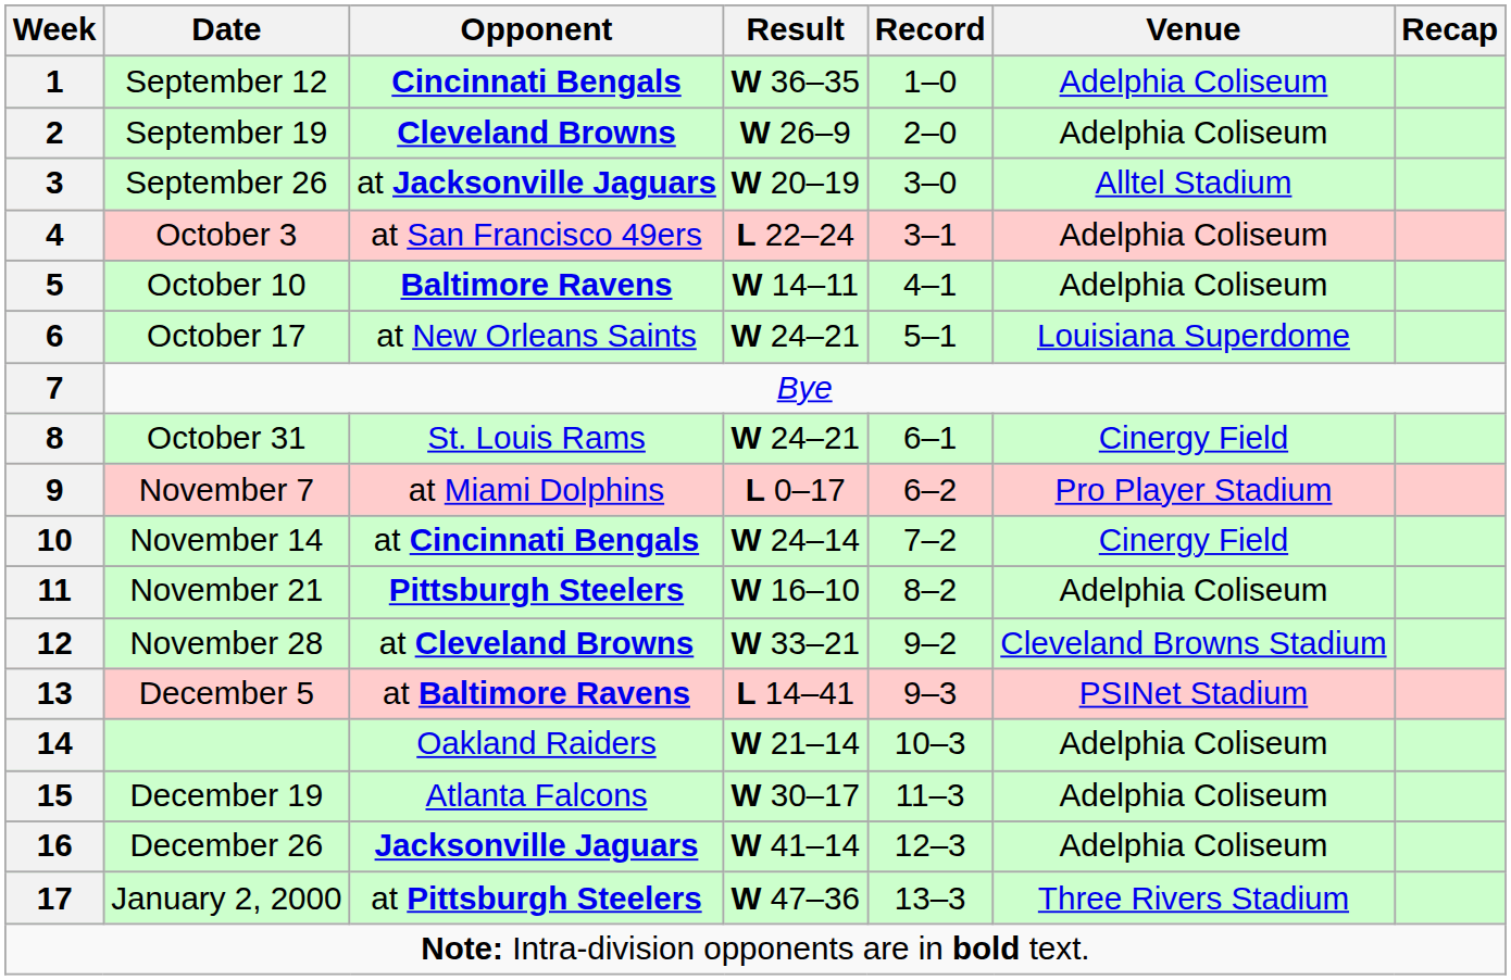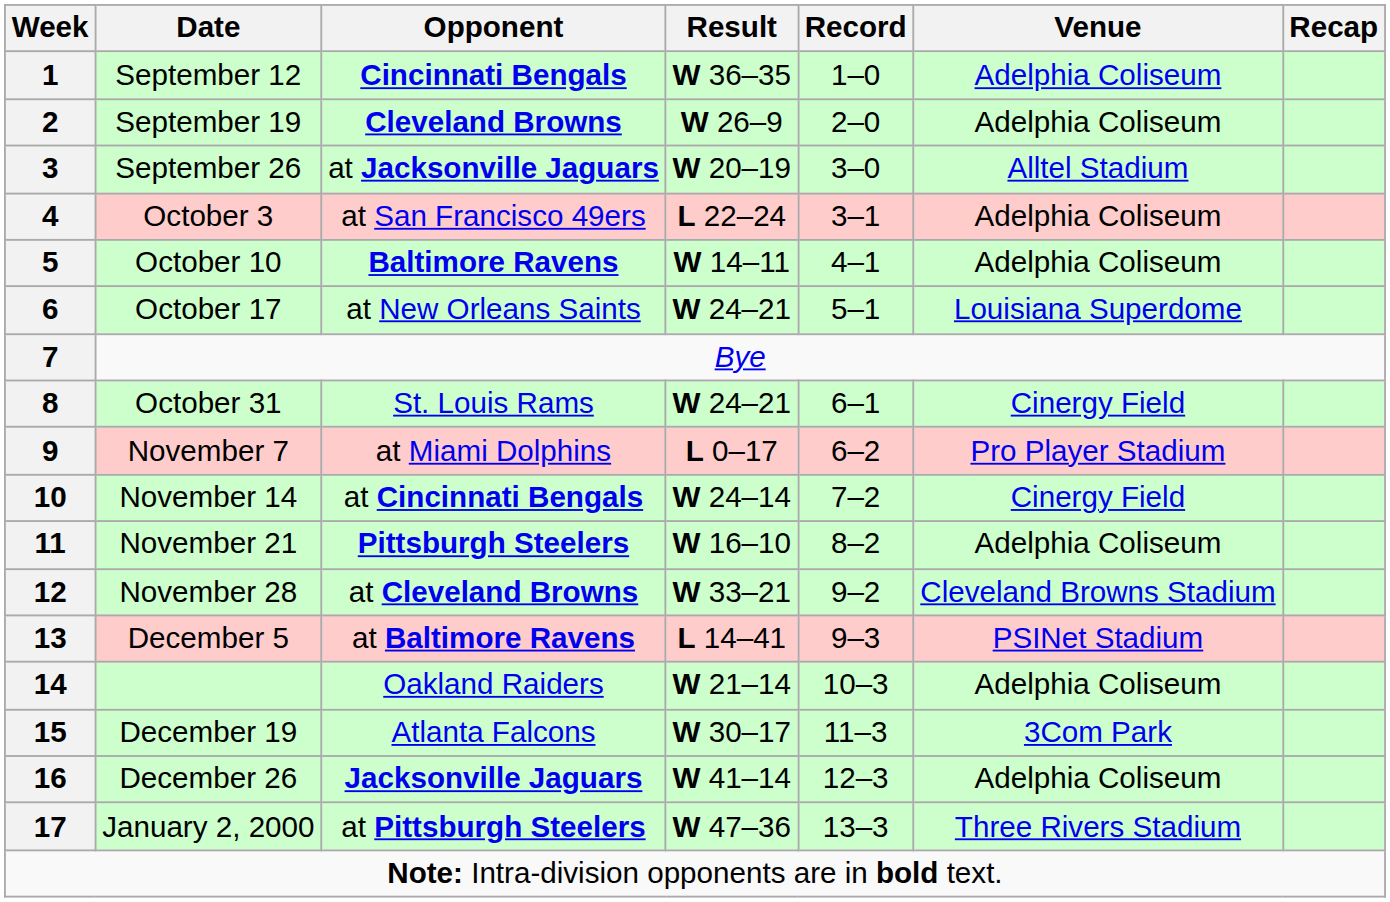 <table class="wikitable" style="text-align:center">
 <tr>
 <th>Week</th>
 <th>Date</th>
 <th>Opponent</th>
 <th>Result</th>
 <th>Record</th>
 <th>Venue</th>
 <th>Recap</th>
 </tr>
 <tr style="background:#cfc">
 <th>1</th>
 <td>September 12</td>
 <td><strong><a href='#'>Cincinnati Bengals</a></strong></td>
 <td><strong>W</strong> 36–35</td>
 <td>1–0</td>
 <td><a href='#'>Adelphia Coliseum</a></td>
 <td></td>
 </tr>
 <tr style="background:#cfc">
 <th>2</th>
 <td>September 19</td>
 <td><strong><a href='#'>Cleveland Browns</a></strong></td>
 <td><strong>W</strong> 26–9</td>
 <td>2–0</td>
 <td>Adelphia Coliseum</td>
 <td></td>
 </tr>
 <tr style="background:#cfc">
 <th>3</th>
 <td>September 26</td>
 <td>at <strong><a href='#'>Jacksonville Jaguars</a></strong></td>
 <td><strong>W</strong> 20–19</td>
 <td>3–0</td>
 <td><a href='#'>Alltel Stadium</a></td>
 <td></td>
 </tr>
 <tr style="background:#fcc">
 <th>4</th>
 <td>October 3</td>
 <td>at <a href='#'>San Francisco 49ers</a></td>
 <td><strong>L</strong> 22–24</td>
 <td>3–1</td>
 <td>Adelphia Coliseum</td>
 <td></td>
 </tr>
 <tr style="background:#cfc">
 <th>5</th>
 <td>October 10</td>
 <td><strong><a href='#'>Baltimore Ravens</a></strong></td>
 <td><strong>W</strong> 14–11</td>
 <td>4–1</td>
 <td>Adelphia Coliseum</td>
 <td></td>
 </tr>
 <tr style="background:#cfc">
 <th>6</th>
 <td>October 17</td>
 <td>at <a href='#'>New Orleans Saints</a></td>
 <td><strong>W</strong> 24–21</td>
 <td>5–1</td>
 <td><a href='#'>Louisiana Superdome</a></td>
 <td></td>
 </tr>
 <tr>
 <th>7</th>
 <td colspan=6><em><a href='#'>Bye</a></em></td>
 </tr>
 <tr style="background:#cfc">
 <th>8</th>
 <td>October 31</td>
 <td><a href='#'>St. Louis Rams</a></td>
 <td><strong>W</strong> 24–21</td>
 <td>6–1</td>
 <td><a href='#'>Cinergy Field</a></td>
 <td></td>
 </tr>
 <tr style="background:#fcc">
 <th>9</th>
 <td>November 7</td>
 <td>at <a href='#'>Miami Dolphins</a></td>
 <td><strong>L</strong> 0–17</td>
 <td>6–2</td>
 <td><a href='#'>Pro Player Stadium</a></td>
 <td></td>
 </tr>
 <tr style="background:#cfc">
 <th>10</th>
 <td>November 14</td>
 <td>at <strong><a href='#'>Cincinnati Bengals</a></strong></td>
 <td><strong>W</strong> 24–14</td>
 <td>7–2</td>
 <td><a href='#'>Cinergy Field</a></td>
 <td></td>
 </tr>
 <tr style="background:#cfc">
 <th>11</th>
 <td>November 21</td>
 <td><strong><a href='#'>Pittsburgh Steelers</a></strong></td>
 <td><strong>W</strong> 16–10</td>
 <td>8–2</td>
 <td>Adelphia Coliseum</td>
 <td></td>
 </tr>
 <tr style="background:#cfc">
 <th>12</th>
 <td>November 28</td>
 <td>at <strong><a href='#'>Cleveland Browns</a></strong></td>
 <td><strong>W</strong> 33–21</td>
 <td>9–2</td>
 <td><a href='#'>Cleveland Browns Stadium</a></td>
 <td></td>
 </tr>
 <tr style="background:#fcc">
 <th>13</th>
 <td>December 5</td>
 <td>at <strong><a href='#'>Baltimore Ravens</a></strong></td>
 <td><strong>L</strong> 14–41</td>
 <td>9–3</td>
 <td><a href='#'>PSINet Stadium</a></td>
 <td></td>
 </tr>
 <tr style="background:#cfc">
 <th>14</th>
 <td></td>
 <td><a href='#'>Oakland Raiders</a></td>
 <td><strong>W</strong> 21–14</td>
 <td>10–3</td>
 <td>Adelphia Coliseum</td>
 <td></td>
 </tr>
 <tr style="background:#cfc">
 <th>15</th>
 <td>December 19</td>
 <td><a href='#'>Atlanta Falcons</a></td>
 <td><strong>W</strong> 30–17</td>
 <td>11–3</td>
-<td>Adelphia Coliseum</td>
+<td><a href='#'>3Com Park</a></td>
 <td></td>
 </tr>
 <tr style="background:#cfc">
 <th>16</th>
 <td>December 26</td>
 <td><strong><a href='#'>Jacksonville Jaguars</a></strong></td>
 <td><strong>W</strong> 41–14</td>
 <td>12–3</td>
 <td>Adelphia Coliseum</td>
 <td></td>
 </tr>
 <tr style="background:#cfc">
 <th>17</th>
 <td>January 2, 2000</td>
 <td>at <strong><a href='#'>Pittsburgh Steelers</a></strong></td>
 <td><strong>W</strong> 47–36</td>
 <td>13–3</td>
 <td><a href='#'>Three Rivers Stadium</a></td>
 <td></td>
 </tr>
 <tr>
 <td colspan="8"><strong>Note:</strong> Intra-division opponents are in <strong>bold</strong> text.</td>
 </tr>
 </table>
